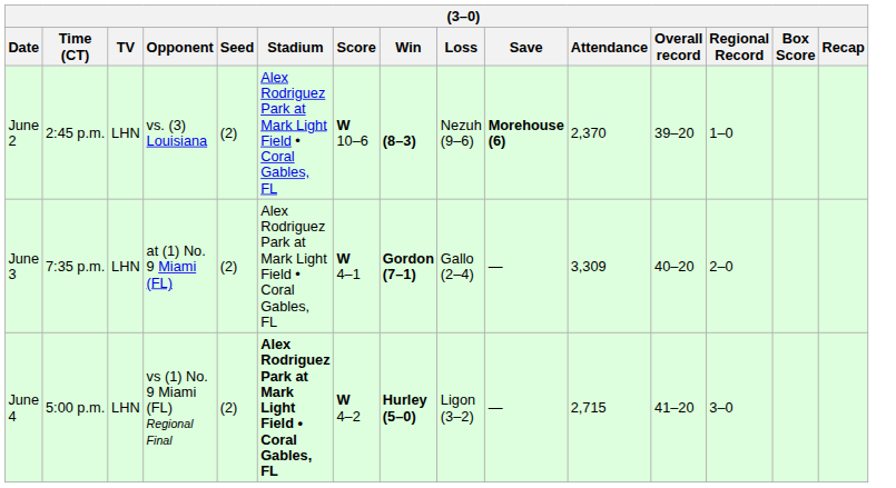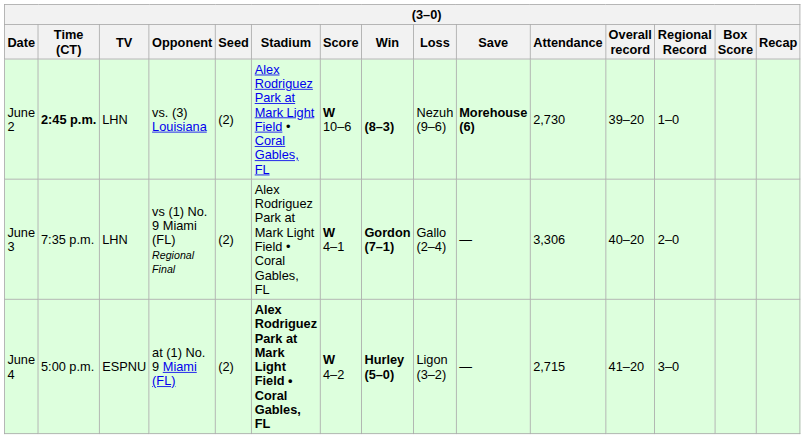 <table class="wikitable collapsible collapsed" style="margin:auto; font-size:95%; width:100%">
 <tr>
 <th colspan=15 style="padding-left:4em;"> (3–0)</th>
 </tr>
 <tr>
 <th>Date</th>
 <th>Time (CT)</th>
 <th>TV</th>
 <th>Opponent</th>
 <th>Seed</th>
 <th>Stadium</th>
 <th>Score</th>
 <th>Win</th>
 <th>Loss</th>
 <th>Save</th>
 <th>Attendance</th>
 <th>Overall record</th>
 <th>Regional Record</th>
 <th>Box Score</th>
 <th>Recap</th>
 </tr>
 <tr bgcolor= ddffdd>
 <td>June 2</td>
-<td>2:45 p.m.</td>
+<td><strong>2:45 p.m.</strong></td>
 <td>LHN</td>
 <td>vs. (3) <a href='#'>Louisiana</a></td>
 <td>(2)</td>
 <td><a href='#'>Alex Rodriguez Park at Mark Light Field</a> • <a href='#'>Coral Gables, FL</a></td>
 <td><strong>W</strong><br>10–6</td>
 <td><strong><br>(8–3)</strong></td>
 <td>Nezuh<br>(9–6)</td>
 <td><strong>Morehouse<br>(6)</strong></td>
-<td>2,370</td>
+<td>2,730</td>
 <td>39–20</td>
 <td>1–0</td>
 <td></td>
 <td></td>
 </tr>
 <tr bgcolor= ddffdd>
 <td>June 3</td>
 <td>7:35 p.m.</td>
 <td>LHN</td>
-<td>at (1) No. 9 <a href='#'>Miami (FL)</a></td>
+<td>vs (1) No. 9 Miami (FL)<br><small><em>Regional Final</em></small></td>
 <td>(2)</td>
 <td>Alex Rodriguez Park at Mark Light Field • Coral Gables, FL</td>
 <td><strong>W</strong><br>4–1</td>
 <td><strong>Gordon<br>(7–1)</strong></td>
 <td>Gallo<br>(2–4)</td>
 <td>—</td>
-<td>3,309</td>
+<td>3,306</td>
 <td>40–20</td>
 <td>2–0</td>
 <td></td>
 <td></td>
 </tr>
 <tr bgcolor= ddffdd>
 <td>June 4</td>
 <td>5:00 p.m.</td>
-<td>LHN</td>
-<td>vs (1) No. 9 Miami (FL)<br><small><em>Regional Final</em></small></td>
+<td>ESPNU</td>
+<td>at (1) No. 9 <a href='#'>Miami (FL)</a></td>
 <td>(2)</td>
 <td><strong>Alex Rodriguez Park at Mark Light Field • Coral Gables, FL</strong></td>
 <td><strong>W</strong><br>4–2</td>
 <td><strong>Hurley<br>(5–0)</strong></td>
 <td>Ligon<br>(3–2)</td>
 <td>—</td>
 <td>2,715</td>
 <td>41–20</td>
 <td>3–0</td>
 <td></td>
 <td></td>
 </tr>
 </table>
